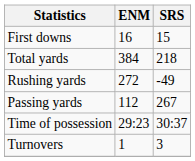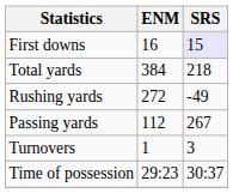 <table class="wikitable" style="float: left;">
 <tr>
 <th>Statistics</th>
 <th>ENM</th>
 <th>SRS</th>
 </tr>
 <tr>
 <td>First downs</td>
 <td>16</td>
-<td>15</td>
+<td style="background: lavender;">15</td>
 </tr>
 <tr>
 <td>Total yards</td>
 <td>384</td>
 <td>218</td>
 </tr>
 <tr>
 <td>Rushing yards</td>
 <td>272</td>
 <td>-49</td>
 </tr>
 <tr>
 <td>Passing yards</td>
 <td>112</td>
 <td>267</td>
 </tr>
 <tr>
+<td>Turnovers</td>
+<td>1</td>
+<td>3</td>
+</tr>
+<tr>
 <td>Time of possession</td>
 <td>29:23</td>
 <td>30:37</td>
 </tr>
 <tr>
-<td>Turnovers</td>
-<td>1</td>
-<td>3</td>
-</tr>
-<tr>
 </tr>
 </table>
